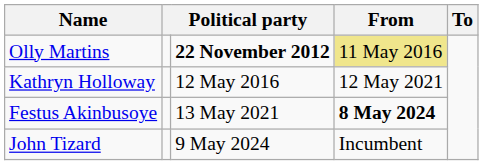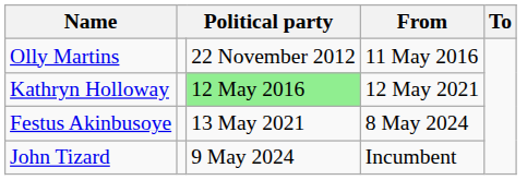 <table class="wikitable">
 <tr>
 <th>Name</th>
 <th colspan="2">Political party</th>
 <th>From</th>
 <th>To</th>
 </tr>
 <tr>
 <td><a href='#'>Olly Martins</a></td>
 <td></td>
-<td><strong>22 November 2012</strong></td>
-<td style="background: khaki;">11 May 2016</td>
+<td>22 November 2012</td>
+<td>11 May 2016</td>
 </tr>
 <tr>
 <td><a href='#'>Kathryn Holloway</a></td>
 <td></td>
-<td>12 May 2016</td>
+<td style="background: lightgreen;">12 May 2016</td>
 <td>12 May 2021</td>
 </tr>
 <tr>
 <td><a href='#'>Festus Akinbusoye</a></td>
 <td></td>
 <td>13 May 2021</td>
-<td><strong>8 May 2024</strong></td>
+<td>8 May 2024</td>
 </tr>
 <tr>
 <td><a href='#'>John Tizard</a></td>
 <td></td>
 <td>9 May 2024</td>
 <td>Incumbent</td>
 </tr>
 </table>
